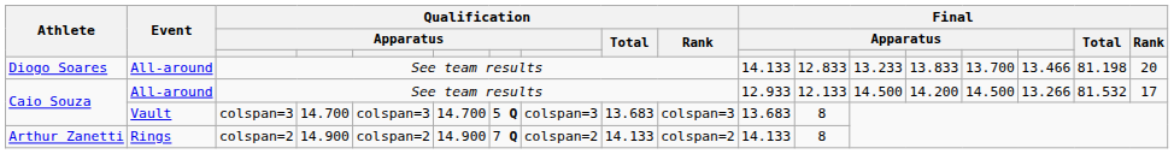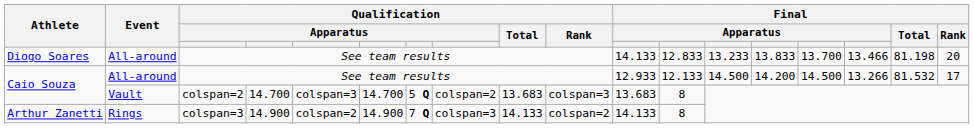 <table class="wikitable" style="font-size:90%">
 <tr>
 <th rowspan=3>Athlete</th>
 <th rowspan=3>Event</th>
 <th colspan=8>Qualification</th>
 <th colspan=8>Final</th>
 </tr>
 <tr style="font-size:95%">
 <th colspan=6>Apparatus</th>
 <th rowspan=2>Total</th>
 <th rowspan=2>Rank</th>
 <th colspan=6>Apparatus</th>
 <th rowspan=2>Total</th>
 <th rowspan=2>Rank</th>
 </tr>
 <tr style="font-size:95%">
 <th></th>
 <th></th>
 <th></th>
 <th></th>
 <th></th>
 <th></th>
 <th></th>
 <th></th>
 <th></th>
 <th></th>
 <th></th>
 <th></th>
 </tr>
 <tr align=center>
 <td align=left><a href='#'>Diogo Soares</a></td>
 <td align=left><a href='#'>All-around</a></td>
 <td colspan=8><em>See team results</em></td>
 <td>14.133</td>
 <td>12.833</td>
 <td>13.233</td>
 <td>13.833</td>
 <td>13.700</td>
 <td>13.466</td>
 <td>81.198</td>
 <td>20</td>
 </tr>
 <tr align=center>
 <td rowspan="2" align=left><a href='#'>Caio Souza</a></td>
 <td align=left><a href='#'>All-around</a></td>
 <td colspan=8><em>See team results</em></td>
 <td>12.933</td>
 <td>12.133</td>
 <td>14.500</td>
 <td>14.200</td>
 <td>14.500</td>
 <td>13.266</td>
 <td>81.532</td>
 <td>17</td>
 </tr>
 <tr align=center>
 <td align=left><a href='#'>Vault</a></td>
-<td>colspan=3 </td>
+<td>colspan=2 </td>
 <td>14.700</td>
 <td>colspan=3 </td>
 <td>14.700</td>
 <td>5 <strong>Q</strong></td>
-<td>colspan=3 </td>
+<td>colspan=2 </td>
 <td>13.683</td>
 <td>colspan=3 </td>
 <td>13.683</td>
 <td>8</td>
 </tr>
 <tr align=center>
 <td align=left><a href='#'>Arthur Zanetti</a></td>
 <td align=left><a href='#'>Rings</a></td>
-<td>colspan=2 </td>
+<td>colspan=3 </td>
 <td>14.900</td>
 <td>colspan=2 </td>
 <td>14.900</td>
 <td>7 <strong>Q</strong></td>
-<td>colspan=2 </td>
+<td>colspan=3 </td>
 <td>14.133</td>
 <td>colspan=2 </td>
 <td>14.133</td>
 <td>8</td>
 </tr>
 </table>
